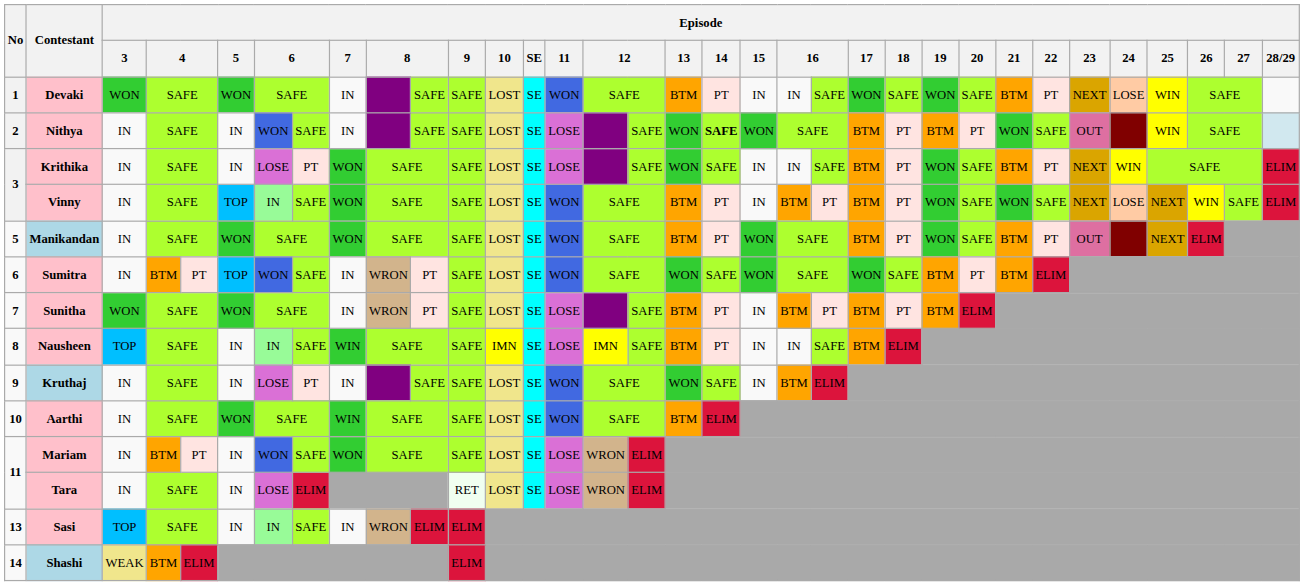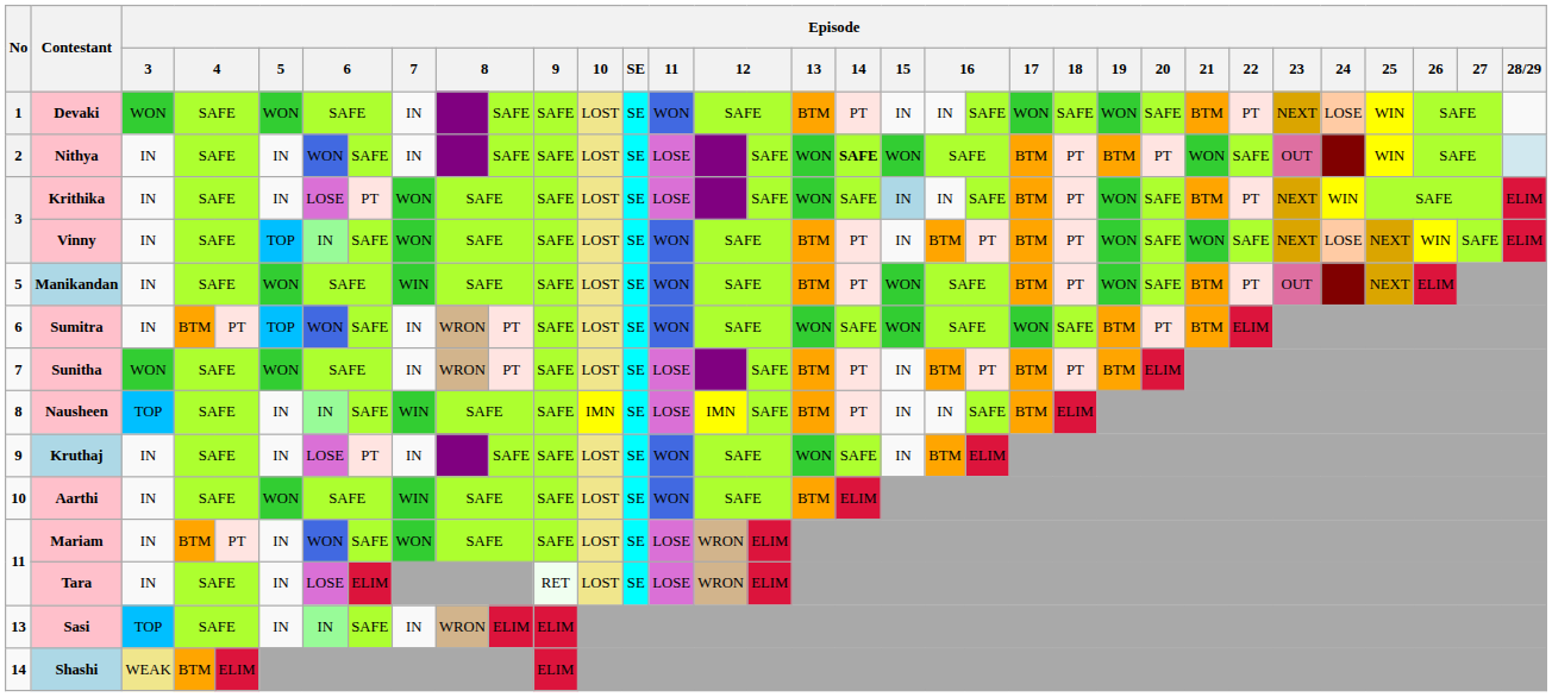 <table class="wikitable" style="text-align: center; font-size: 8pt; line-height:25px;">
 <tr>
 <th rowspan="2">No</th>
 <th rowspan="2">Contestant</th>
 <th colspan="32">Episode</th>
 </tr>
 <tr>
 <th>3</th>
 <th colspan="2">4</th>
 <th>5</th>
 <th colspan="2">6</th>
 <th>7</th>
 <th colspan="2">8</th>
 <th>9</th>
 <th>10</th>
 <th>SE</th>
 <th>11</th>
 <th colspan="2">12</th>
 <th>13</th>
 <th>14</th>
 <th>15</th>
 <th colspan="2">16</th>
 <th>17</th>
 <th>18</th>
 <th>19</th>
 <th>20</th>
 <th>21</th>
 <th>22</th>
 <th>23</th>
 <th>24</th>
 <th>25</th>
 <th>26</th>
 <th>27</th>
 <th>28/29</th>
 </tr>
 <tr>
 <th>1</th>
 <th style="background:pink;">Devaki</th>
 <td style="background:limegreen;">WON</td>
 <td style="background:greenyellow;"colspan="2">SAFE</td>
 <td style="background:limegreen;">WON</td>
 <td style="background:greenyellow;"colspan="2">SAFE</td>
 <td>IN</td>
 <td style="background:purple;"></td>
 <td style="background:greenyellow;">SAFE</td>
 <td style="background:greenyellow;">SAFE</td>
 <td style="background:Khaki;">LOST</td>
 <td style="background:Cyan;">SE</td>
 <td style="background:royalblue;">WON</td>
 <td style="background:greenyellow;"colspan="2">SAFE</td>
 <td style="background:orange;">BTM</td>
 <td style="background:mistyrose;">PT</td>
 <td>IN</td>
 <td>IN</td>
 <td style="background:greenyellow;">SAFE</td>
 <td style="background:limegreen;">WON</td>
 <td style="background:greenyellow;">SAFE</td>
 <td style="background:limegreen;">WON</td>
 <td style="background:greenyellow;">SAFE</td>
 <td style="background:orange;">BTM</td>
 <td style="background:mistyrose;">PT</td>
 <td style="background:#DAA500;">NEXT</td>
 <td style="background:#FFCBA4;">LOSE</td>
 <td style="background:yellow;">WIN</td>
 <td style="background:greenyellow;"colspan="2">SAFE</td>
 <td></td>
 </tr>
 <tr>
 <th>2</th>
 <th style="background:pink;">Nithya</th>
 <td>IN</td>
 <td style="background:greenyellow;"colspan="2">SAFE</td>
 <td>IN</td>
 <td style="background:royalblue;">WON</td>
 <td style="background:greenyellow;">SAFE</td>
 <td>IN</td>
 <td style="background:purple;"></td>
 <td style="background:greenyellow;">SAFE</td>
 <td style="background:greenyellow;">SAFE</td>
 <td style="background:Khaki;">LOST</td>
 <td style="background:Cyan;">SE</td>
 <td style="background:orchid;">LOSE</td>
 <td style="background:purple;"></td>
 <td style="background:greenyellow;">SAFE</td>
 <td style="background:limegreen;">WON</td>
 <td style="background:greenyellow;"><strong>SAFE</strong></td>
 <td style="background:limegreen;">WON</td>
 <td style="background:greenyellow;"colspan="2">SAFE</td>
 <td style="background:orange;">BTM</td>
 <td style="background:mistyrose;">PT</td>
 <td style="background:orange;">BTM</td>
 <td style="background:mistyrose;">PT</td>
 <td style="background:limegreen;">WON</td>
 <td style="background:greenyellow;">SAFE</td>
 <td style="background:#de6fa1;">OUT</td>
 <td style="background:maroon;"></td>
 <td style="background:yellow;">WIN</td>
 <td style="background:greenyellow;"colspan="2">SAFE</td>
 <td style="background:#d1e8ef;"></td>
 </tr>
 <tr>
 <th rowspan="2">3</th>
 <th style="background:pink;">Krithika</th>
 <td>IN</td>
 <td style="background:greenyellow;"colspan="2">SAFE</td>
 <td>IN</td>
 <td style="background:orchid;">LOSE</td>
 <td style="background:mistyrose;">PT</td>
 <td style="background:limegreen;">WON</td>
 <td style="background:greenyellow;"colspan="2">SAFE</td>
 <td style="background:greenyellow;">SAFE</td>
 <td style="background:Khaki;">LOST</td>
 <td style="background:Cyan;">SE</td>
 <td style="background:orchid;">LOSE</td>
 <td style="background:purple;"></td>
 <td style="background:greenyellow;">SAFE</td>
 <td style="background:limegreen;">WON</td>
 <td style="background:greenyellow;">SAFE</td>
-<td>IN</td>
+<td style="background: lightblue;">IN</td>
 <td>IN</td>
 <td style="background:greenyellow;">SAFE</td>
 <td style="background:orange;">BTM</td>
 <td style="background:mistyrose;">PT</td>
 <td style="background:limegreen;">WON</td>
 <td style="background:greenyellow;">SAFE</td>
 <td style="background:orange;">BTM</td>
 <td style="background:mistyrose;">PT</td>
 <td style="background:#DAA500;">NEXT</td>
 <td style="background:yellow;">WIN</td>
 <td style="background:greenyellow;"colspan="3">SAFE</td>
 <td style="background:crimson;">ELIM</td>
 </tr>
 <tr>
 <th style="background:pink;">Vinny</th>
 <td>IN</td>
 <td style="background:greenyellow;"colspan="2">SAFE</td>
 <td style="background:deepskyblue;">TOP</td>
 <td style="background:palegreen;">IN</td>
 <td style="background:greenyellow;">SAFE</td>
 <td style="background:limegreen;">WON</td>
 <td style="background:greenyellow;"colspan="2">SAFE</td>
 <td style="background:greenyellow;">SAFE</td>
 <td style="background:Khaki;">LOST</td>
 <td style="background:Cyan;">SE</td>
 <td style="background:royalblue;">WON</td>
 <td style="background:greenyellow;"colspan="2">SAFE</td>
 <td style="background:orange;">BTM</td>
 <td style="background:mistyrose;">PT</td>
 <td>IN</td>
 <td style="background:orange;">BTM</td>
 <td style="background:mistyrose;">PT</td>
 <td style="background:orange;">BTM</td>
 <td style="background:mistyrose;">PT</td>
 <td style="background:limegreen;">WON</td>
 <td style="background:greenyellow;">SAFE</td>
 <td style="background:limegreen;">WON</td>
 <td style="background:greenyellow;">SAFE</td>
 <td style="background:#DAA500;">NEXT</td>
 <td style="background:#FFCBA4;">LOSE</td>
 <td style="background:#DAA500;">NEXT</td>
 <td style="background:yellow;">WIN</td>
 <td style="background:greenyellow;">SAFE</td>
 <td style="background:crimson;">ELIM</td>
 </tr>
 <tr>
 <td><strong>5</strong></td>
 <th style="background:lightblue;">Manikandan</th>
 <td>IN</td>
 <td style="background:greenyellow;"colspan="2">SAFE</td>
 <td style="background:limegreen;">WON</td>
 <td style="background:greenyellow;"colspan="2">SAFE</td>
-<td style="background:limegreen;">WON</td>
+<td style="background:limegreen;">WIN</td>
 <td style="background:greenyellow;"colspan="2">SAFE</td>
 <td style="background:greenyellow;">SAFE</td>
 <td style="background:Khaki;">LOST</td>
 <td style="background:Cyan;">SE</td>
 <td style="background:royalblue;">WON</td>
 <td style="background:greenyellow;"colspan="2">SAFE</td>
 <td style="background:orange;">BTM</td>
 <td style="background:mistyrose;">PT</td>
 <td style="background:limegreen;">WON</td>
 <td style="background:greenyellow;"colspan="2">SAFE</td>
 <td style="background:orange;">BTM</td>
 <td style="background:mistyrose;">PT</td>
 <td style="background:limegreen;">WON</td>
 <td style="background:greenyellow;">SAFE</td>
 <td style="background:orange;">BTM</td>
 <td style="background:mistyrose;">PT</td>
 <td style="background:#de6fa1;">OUT</td>
 <td style="background:maroon;"></td>
 <td style="background:#DAA500;">NEXT</td>
 <td style="background:crimson;">ELIM</td>
 <td colspan="2" style="background:darkgrey;"></td>
 </tr>
 <tr>
 <td><strong>6</strong></td>
 <th style="background:pink;">Sumitra</th>
 <td>IN</td>
 <td style="background:orange;">BTM</td>
 <td style="background:mistyrose;">PT</td>
 <td style="background:deepskyblue;">TOP</td>
 <td style="background:royalblue;">WON</td>
 <td style="background:greenyellow;">SAFE</td>
 <td>IN</td>
 <td style="background:tan;">WRON</td>
 <td style="background:mistyrose;">PT</td>
 <td style="background:greenyellow;">SAFE</td>
 <td style="background:Khaki;">LOST</td>
 <td style="background:Cyan;">SE</td>
 <td style="background:royalblue;">WON</td>
 <td style="background:greenyellow;"colspan="2">SAFE</td>
 <td style="background:limegreen;">WON</td>
 <td style="background:greenyellow;">SAFE</td>
 <td style="background:limegreen;">WON</td>
 <td style="background:greenyellow;"colspan="2">SAFE</td>
 <td style="background:limegreen;">WON</td>
 <td style="background:greenyellow;">SAFE</td>
 <td style="background:orange;">BTM</td>
 <td style="background:mistyrose;">PT</td>
 <td style="background:orange;">BTM</td>
 <td style="background:crimson;">ELIM</td>
 <td colspan="6" style="background:darkgrey;"></td>
 </tr>
 <tr>
 <td><strong>7</strong></td>
 <th style="background:pink;">Sunitha</th>
 <td style="background:limegreen;">WON</td>
 <td style="background:greenyellow;"colspan="2">SAFE</td>
 <td style="background:limegreen;">WON</td>
 <td style="background:greenyellow;"colspan="2">SAFE</td>
 <td>IN</td>
 <td style="background:tan;">WRON</td>
 <td style="background:mistyrose;">PT</td>
 <td style="background:greenyellow;">SAFE</td>
 <td style="background:Khaki;">LOST</td>
 <td style="background:Cyan;">SE</td>
 <td style="background:orchid;">LOSE</td>
 <td style="background:purple;"></td>
 <td style="background:greenyellow;">SAFE</td>
 <td style="background:orange;">BTM</td>
 <td style="background:mistyrose;">PT</td>
 <td>IN</td>
 <td style="background:orange;">BTM</td>
 <td style="background:mistyrose;">PT</td>
 <td style="background:orange;">BTM</td>
 <td style="background:mistyrose;">PT</td>
 <td style="background:orange;">BTM</td>
 <td style="background:crimson;">ELIM</td>
 <td colspan="8" style="background:darkgrey;"></td>
 </tr>
 <tr>
 <td><strong>8</strong></td>
 <th style="background:pink;">Nausheen</th>
 <td style="background:deepskyblue;">TOP</td>
 <td style="background:greenyellow;"colspan="2">SAFE</td>
 <td>IN</td>
 <td style="background:palegreen;">IN</td>
 <td style="background:greenyellow;">SAFE</td>
 <td style="background:limegreen;">WIN</td>
 <td style="background:greenyellow;"colspan="2">SAFE</td>
 <td style="background:greenyellow;">SAFE</td>
 <td style="background:Yellow;">IMN</td>
 <td style="background:Cyan;">SE</td>
 <td style="background:orchid;">LOSE</td>
 <td style="background:Yellow;">IMN</td>
 <td style="background:greenyellow;">SAFE</td>
 <td style="background:orange;">BTM</td>
 <td style="background:mistyrose;">PT</td>
 <td>IN</td>
 <td>IN</td>
 <td style="background:greenyellow;">SAFE</td>
 <td style="background:orange;">BTM</td>
 <td style="background:crimson;">ELIM</td>
 <td colspan="10" style="background:darkgrey;"></td>
 </tr>
 <tr>
 <td><strong>9</strong></td>
 <th style="background:lightblue;">Kruthaj</th>
 <td>IN</td>
 <td style="background:greenyellow;"colspan="2">SAFE</td>
 <td>IN</td>
 <td style="background:orchid;">LOSE</td>
 <td style="background:mistyrose;">PT</td>
 <td>IN</td>
 <td style="background:purple;"></td>
 <td style="background:greenyellow;">SAFE</td>
 <td style="background:greenyellow;">SAFE</td>
 <td style="background:Khaki;">LOST</td>
 <td style="background:Cyan;">SE</td>
 <td style="background:royalblue;">WON</td>
 <td style="background:greenyellow;"colspan="2">SAFE</td>
 <td style="background:limegreen;">WON</td>
 <td style="background:greenyellow;">SAFE</td>
 <td>IN</td>
 <td style="background:orange;">BTM</td>
 <td style="background:crimson;">ELIM</td>
 <td colspan="12" style="background:darkgrey;"></td>
 </tr>
 <tr>
 <td><strong>10</strong></td>
 <th style="background:pink;">Aarthi</th>
 <td>IN</td>
 <td style="background:greenyellow;"colspan="2">SAFE</td>
 <td style="background:limegreen;">WON</td>
 <td style="background:greenyellow;"colspan="2">SAFE</td>
 <td style="background:limegreen;">WIN</td>
 <td style="background:greenyellow;"colspan="2">SAFE</td>
 <td style="background:greenyellow;">SAFE</td>
 <td style="background:Khaki;">LOST</td>
 <td style="background:Cyan;">SE</td>
 <td style="background:royalblue;">WON</td>
 <td style="background:greenyellow;"colspan="2">SAFE</td>
 <td style="background:orange;">BTM</td>
 <td style="background:crimson;">ELIM</td>
 <td colspan="15" style="background:darkgrey;"></td>
 </tr>
 <tr>
 <td rowspan="2"><strong>11</strong></td>
 <th style="background:pink;">Mariam</th>
 <td>IN</td>
 <td style="background:orange;">BTM</td>
 <td style="background:mistyrose;">PT</td>
 <td>IN</td>
 <td style="background:royalblue;">WON</td>
 <td style="background:greenyellow;">SAFE</td>
 <td style="background:limegreen;">WON</td>
 <td style="background:greenyellow;"colspan="2">SAFE</td>
 <td style="background:greenyellow;">SAFE</td>
 <td style="background:Khaki;">LOST</td>
 <td style="background:Cyan;">SE</td>
 <td style="background:orchid;">LOSE</td>
 <td style="background:tan;">WRON</td>
 <td style="background:crimson;">ELIM</td>
 <td colspan="17" style="background:darkgrey;"></td>
 </tr>
 <tr>
 <th style="background:pink;">Tara</th>
 <td>IN</td>
 <td colspan="2" style="background:greenyellow;">SAFE</td>
 <td>IN</td>
 <td style="background:orchid;">LOSE</td>
 <td style="background:crimson;">ELIM</td>
 <td colspan="3" style="background:darkgrey;"></td>
 <td style="background:honeydew;">RET</td>
 <td style="background:Khaki;">LOST</td>
 <td style="background:Cyan;">SE</td>
 <td style="background:orchid;">LOSE</td>
 <td style="background:tan;">WRON</td>
 <td style="background:crimson;">ELIM</td>
 <td colspan="17" style="background:darkgrey;"></td>
 </tr>
 <tr>
 <td><strong>13</strong></td>
 <th style="background:pink;">Sasi</th>
 <td style="background:deepskyblue;">TOP</td>
 <td colspan="2" style="background:greenyellow;">SAFE</td>
 <td>IN</td>
 <td style="background:palegreen;">IN</td>
 <td style="background:greenyellow;">SAFE</td>
 <td>IN</td>
 <td style="background:tan;">WRON</td>
 <td style="background:crimson;">ELIM</td>
 <td style="background:crimson;">ELIM</td>
 <td colspan="22" style="background:darkgrey;"></td>
 </tr>
 <tr>
 <td><strong>14</strong></td>
 <th style="background:lightblue;">Shashi</th>
 <td style="background:khaki;">WEAK</td>
 <td style="background:orange;">BTM</td>
 <td style="background:crimson;">ELIM</td>
 <td colspan="6" style="background:darkgrey;"></td>
 <td style="background:crimson;">ELIM</td>
 <td colspan="22" style="background:darkgrey;"></td>
 </tr>
 </table>
